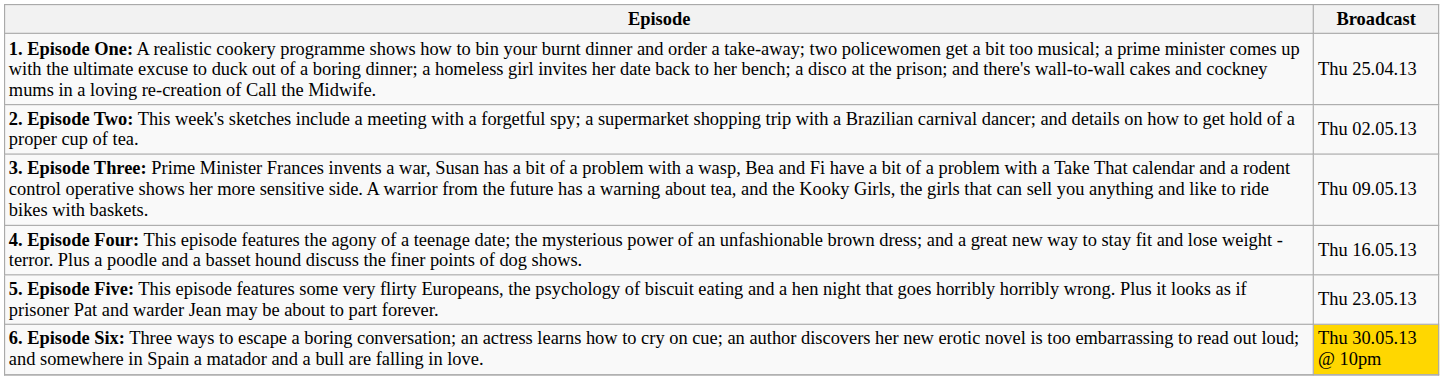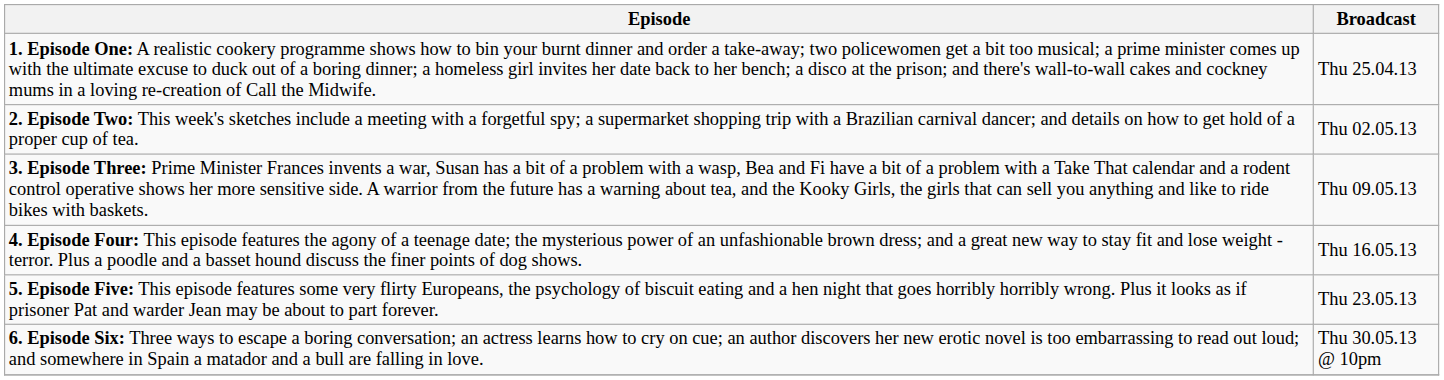 <table class="wikitable">
 <tr>
 <th>Episode</th>
 <th>Broadcast</th>
 </tr>
 <tr>
 <td><strong>1. Episode One:</strong> A realistic cookery programme shows how to bin your burnt dinner and order a take-away; two policewomen get a bit too musical; a prime minister comes up with the ultimate excuse to duck out of a boring dinner; a homeless girl invites her date back to her bench; a disco at the prison; and there's wall-to-wall cakes and cockney mums in a loving re-creation of Call the Midwife.</td>
 <td>Thu 25.04.13</td>
 </tr>
 <tr>
 <td><strong>2. Episode Two:</strong> This week's sketches include a meeting with a forgetful spy; a supermarket shopping trip with a Brazilian carnival dancer; and details on how to get hold of a proper cup of tea.</td>
 <td>Thu 02.05.13</td>
 </tr>
 <tr>
 <td><strong>3. Episode Three:</strong> Prime Minister Frances invents a war, Susan has a bit of a problem with a wasp, Bea and Fi have a bit of a problem with a Take That calendar and a rodent control operative shows her more sensitive side. A warrior from the future has a warning about tea, and the Kooky Girls, the girls that can sell you anything and like to ride bikes with baskets.</td>
 <td>Thu 09.05.13</td>
 </tr>
 <tr>
 <td><strong>4. Episode Four:</strong> This episode features the agony of a teenage date; the mysterious power of an unfashionable brown dress; and a great new way to stay fit and lose weight - terror. Plus a poodle and a basset hound discuss the finer points of dog shows.</td>
 <td>Thu 16.05.13</td>
 </tr>
 <tr>
 <td><strong>5. Episode Five:</strong> This episode features some very flirty Europeans, the psychology of biscuit eating and a hen night that goes horribly horribly wrong. Plus it looks as if prisoner Pat and warder Jean may be about to part forever.</td>
 <td>Thu 23.05.13</td>
 </tr>
 <tr>
 <td><strong>6. Episode Six:</strong> Three ways to escape a boring conversation; an actress learns how to cry on cue; an author discovers her new erotic novel is too embarrassing to read out loud; and somewhere in Spain a matador and a bull are falling in love.</td>
-<td style="background: gold;">Thu 30.05.13 @ 10pm</td>
+<td>Thu 30.05.13 @ 10pm</td>
 </tr>
 <tr>
 </tr>
 </table>
